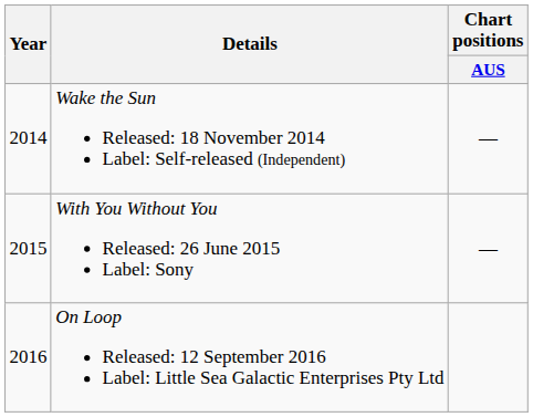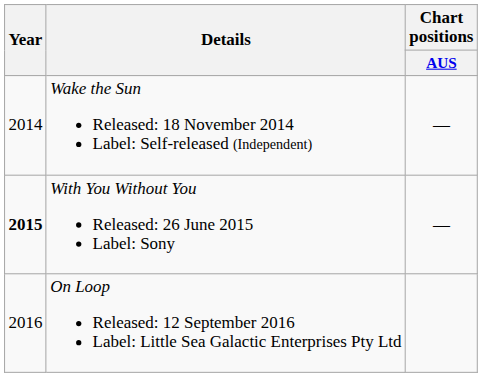 <table class="wikitable">
 <tr>
 <th align="center" rowspan="2" width="10">Year</th>
 <th align="center" rowspan="2">Details</th>
 <th align="center" colspan="1">Chart positions</th>
 </tr>
 <tr>
 <th scope="col" style="width:3em;font-size:90%;"><a href='#'>AUS</a><br></th>
 </tr>
 <tr>
 <td style="text-align:center;">2014</td>
 <td><em>Wake the Sun</em><br><ul><li>Released: 18 November 2014</li><li>Label: Self-released <small>(Independent)</small></li></ul></td>
 <td style="text-align:center;">—</td>
 </tr>
 <tr>
-<td style="text-align:center;">2015</td>
+<td style="text-align:center;"><strong>2015</strong></td>
 <td><em>With You Without You</em><br><ul><li>Released: 26 June 2015</li><li>Label: Sony</li></ul></td>
 <td style="text-align:center;">—</td>
 </tr>
 <tr>
 <td>2016</td>
 <td><em>On Loop</em><br><ul><li>Released: 12 September 2016</li><li>Label: Little Sea Galactic Enterprises Pty Ltd</li></ul></td>
 <td></td>
 </tr>
 </table>
